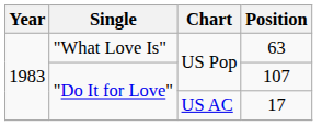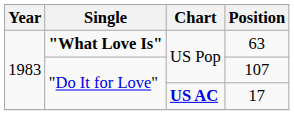 <table class="wikitable">
 <tr>
 <th>Year</th>
 <th>Single</th>
 <th>Chart</th>
 <th>Position</th>
 </tr>
 <tr>
 <td rowspan="3">1983</td>
-<td rowspan="1">"What Love Is"</td>
+<td rowspan="1"><strong>"What Love Is"</strong></td>
 <td rowspan="2">US Pop</td>
 <td align="center">63</td>
 </tr>
 <tr>
 <td rowspan="2">"<a href='#'>Do It for Love</a>"</td>
 <td align="center">107</td>
 </tr>
 <tr>
-<td><a href='#'>US AC</a></td>
+<td><strong><a href='#'>US AC</a></strong></td>
 <td align="center">17</td>
 </tr>
 <tr>
 </tr>
 </table>
